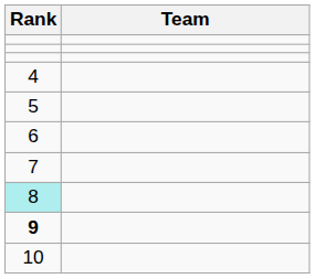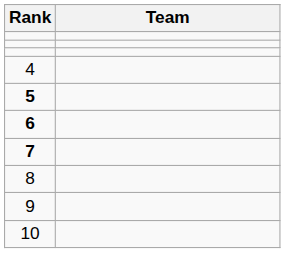 <table class="wikitable" style="text-align:center;">
 <tr>
 <th width=40>Rank</th>
 <th width=200>Team</th>
 </tr>
 <tr>
 <td></td>
 <td style="text-align:left;"></td>
 </tr>
 <tr>
 <td></td>
 <td style="text-align:left;"></td>
 </tr>
 <tr>
 <td></td>
 <td style="text-align:left;"></td>
 </tr>
 <tr>
 <td>4</td>
 <td style="text-align:left;"></td>
 </tr>
 <tr>
-<td>5</td>
+<td><strong>5</strong></td>
 <td style="text-align:left;"></td>
 </tr>
 <tr>
-<td>6</td>
+<td><strong>6</strong></td>
 <td style="text-align:left;"></td>
 </tr>
 <tr>
-<td>7</td>
+<td><strong>7</strong></td>
 <td style="text-align:left;"></td>
 </tr>
 <tr>
-<td style="background: paleturquoise;">8</td>
+<td>8</td>
 <td style="text-align:left;"></td>
 </tr>
 <tr>
-<td><strong>9</strong></td>
+<td>9</td>
 <td style="text-align:left;"></td>
 </tr>
 <tr>
 <td>10</td>
 <td style="text-align:left;"></td>
 </tr>
 </table>
